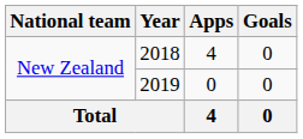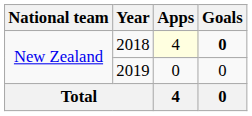 <table class="wikitable" style="text-align:center">
 <tr>
 <th>National team</th>
 <th>Year</th>
 <th>Apps</th>
 <th>Goals</th>
 </tr>
 <tr>
 <td rowspan="2"><a href='#'>New Zealand</a></td>
 <td>2018</td>
-<td>4</td>
-<td>0</td>
+<td style="background: lightyellow;">4</td>
+<td><strong>0</strong></td>
 </tr>
 <tr>
 <td>2019</td>
 <td>0</td>
 <td>0</td>
 </tr>
 <tr>
 <th colspan=2>Total</th>
 <th>4</th>
 <th>0</th>
 </tr>
 </table>
